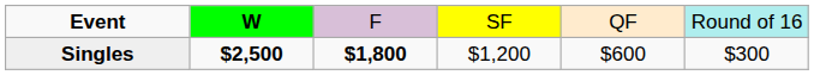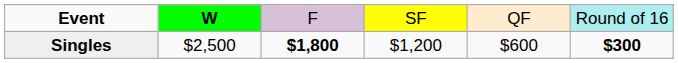 <table class=wikitable style=font-size:95%;text-align:center>
 <tr>
 <td style="width:130px"><strong>Event</strong></td>
 <td style="width:85px; background:lime"><strong>W</strong></td>
 <td style="width:85px; background:thistle">F</td>
 <td style="width:85px; background:#ffff00">SF</td>
 <td style="width:85px; background:#ffebcd">QF</td>
 <td style="width:85px; background:#afeeee">Round of 16</td>
 </tr>
 <tr>
 <th style=background:#efefef>Singles </th>
-<td><strong>$2,500</strong></td>
+<td>$2,500</td>
 <td><strong>$1,800</strong></td>
 <td>$1,200</td>
 <td>$600</td>
-<td>$300</td>
+<td><strong>$300</strong></td>
 </tr>
 </table>
